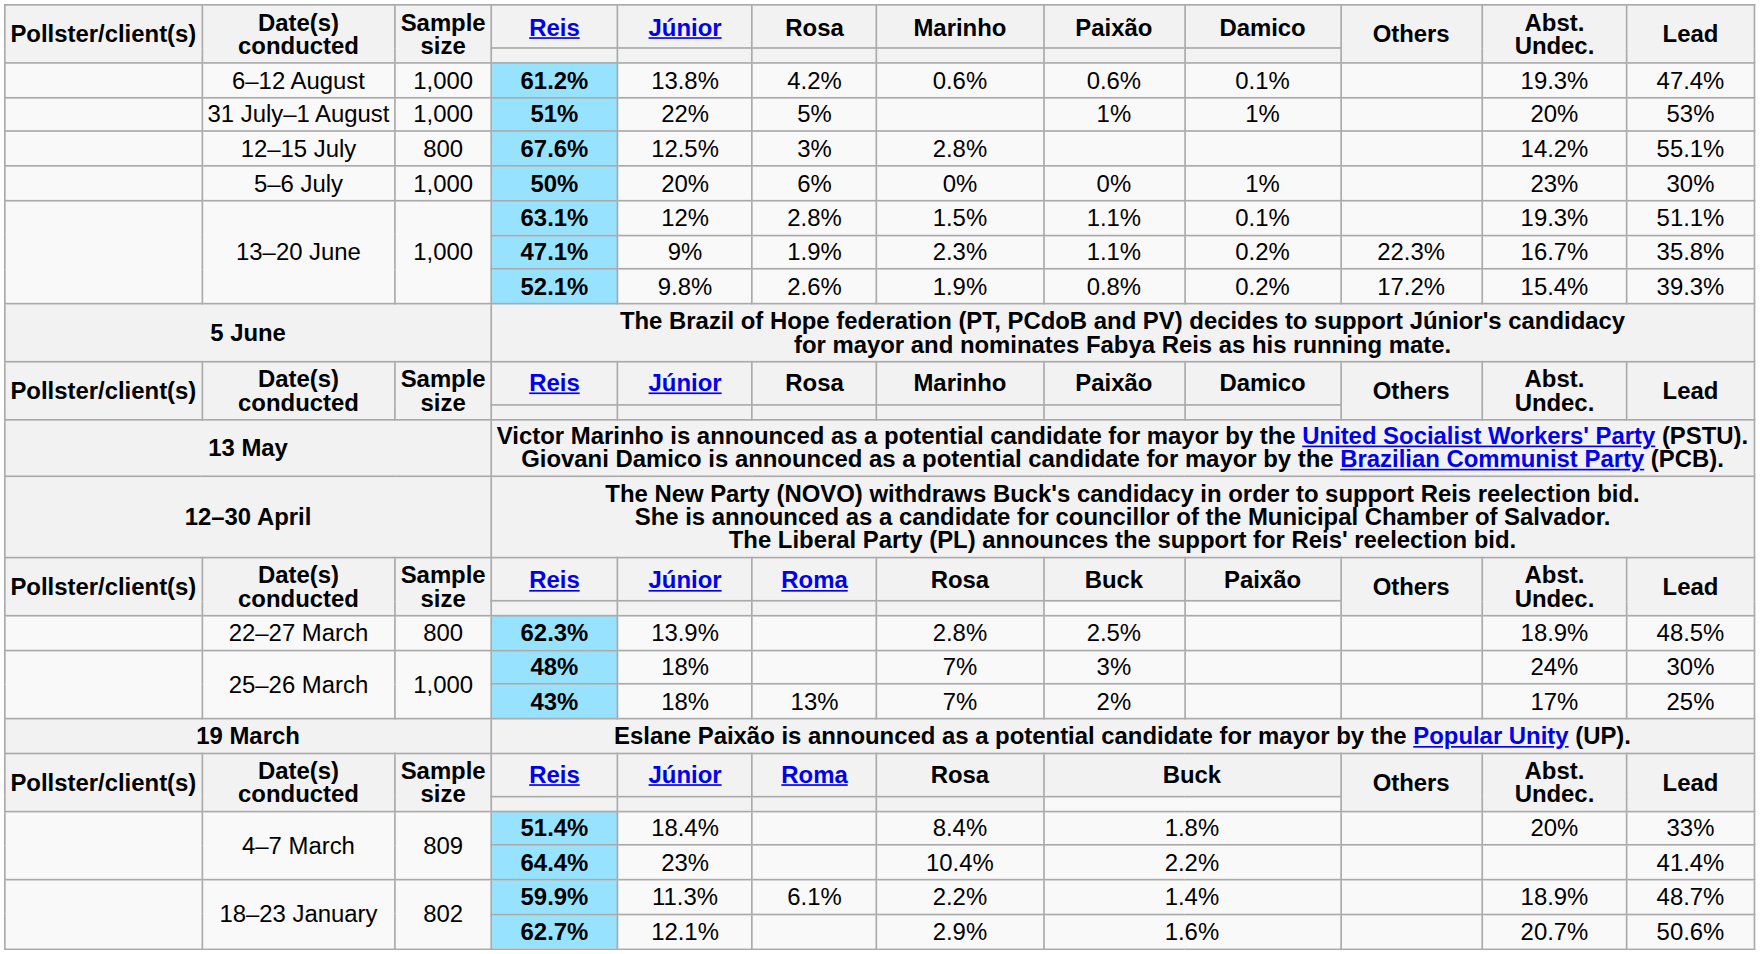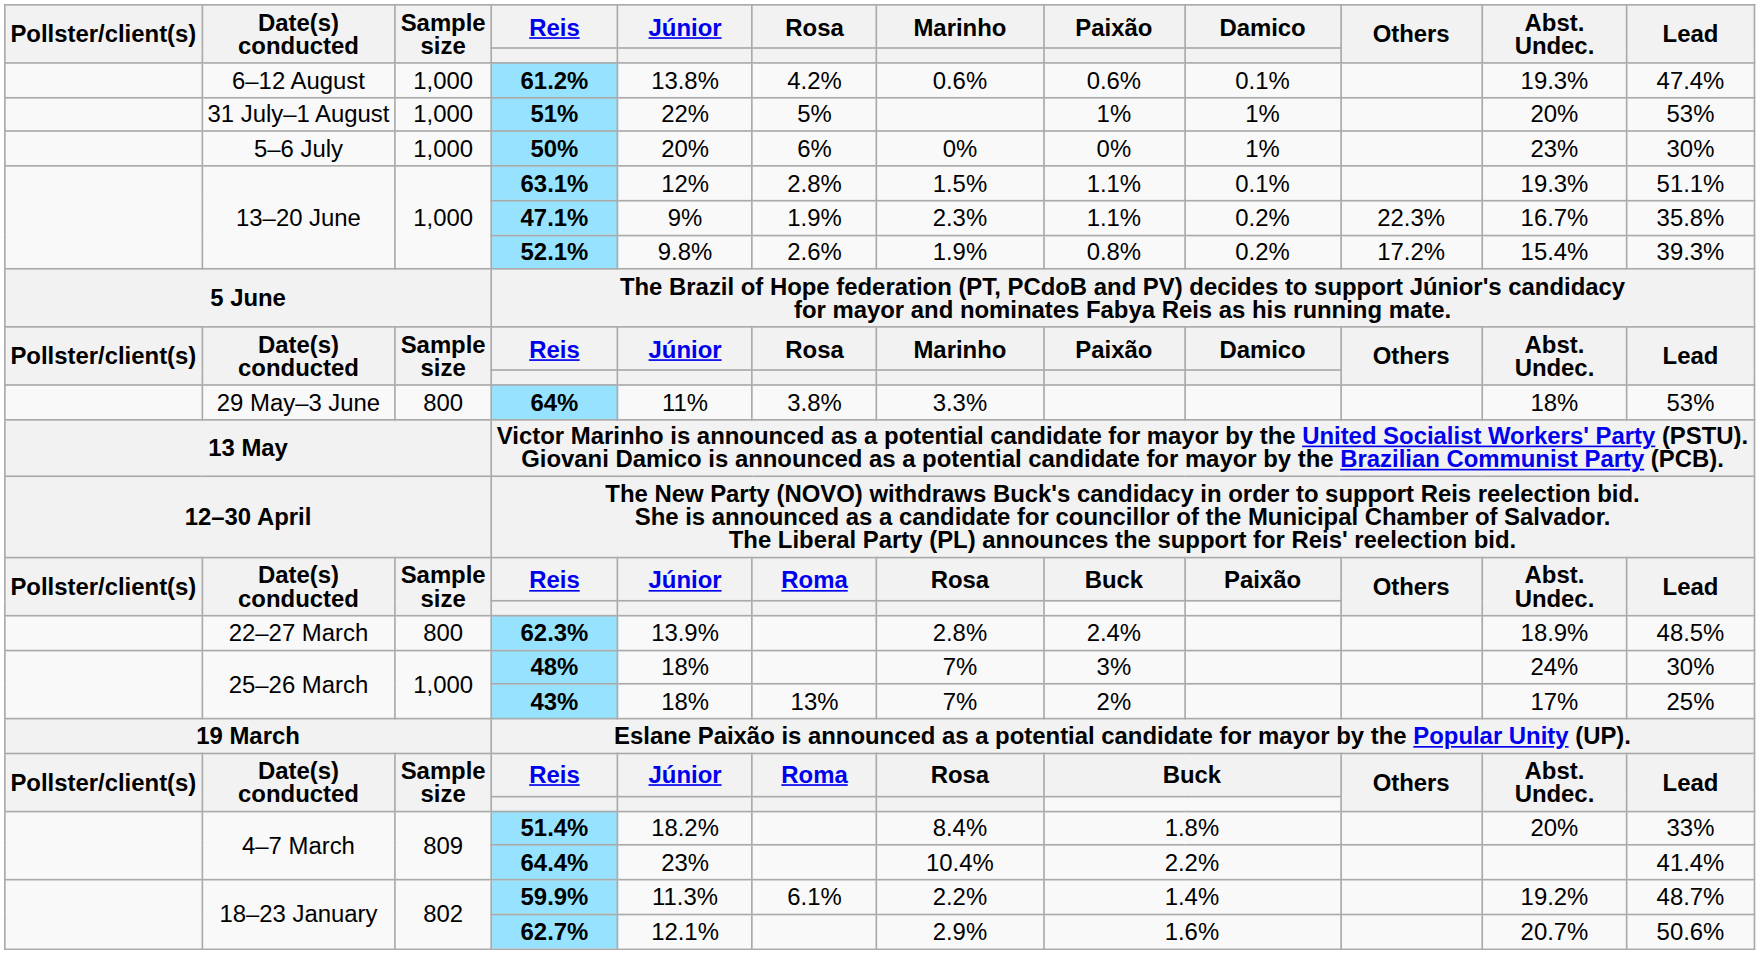 <table class="wikitable" style="text-align:center;font-size:90%;line-height:14px;">
 <tr>
 <th rowspan="2">Pollster/client(s)</th>
 <th rowspan="2">Date(s) <br>conducted</th>
 <th rowspan="2">Sample <br>size</th>
 <th><a href='#'>Reis</a><br></th>
 <th><a href='#'>Júnior</a><br></th>
 <th>Rosa<br></th>
 <th>Marinho<br></th>
 <th>Paixão<br></th>
 <th>Damico<br></th>
 <th rowspan="2">Others</th>
 <th rowspan="2">Abst.<br>Undec.</th>
 <th rowspan="2">Lead</th>
 </tr>
 <tr>
 <th data-sort-type="number" class="sortable" style="background:"></th>
 <th data-sort-type="number" class="sortable" style="background:"></th>
 <th data-sort-type="number" class="sortable" style="background:"></th>
 <th data-sort-type="number" class="sortable" style="background:"></th>
 <th data-sort-type="number" class="sortable" style="background:"></th>
 <th data-sort-type="number" class="sortable" style="background:"></th>
 </tr>
 <tr>
 <td></td>
 <td>6–12 August</td>
 <td>1,000</td>
 <td style="background:#97e3ff;"><strong>61.2%</strong></td>
 <td>13.8%</td>
 <td>4.2%</td>
 <td>0.6%</td>
 <td>0.6%</td>
 <td>0.1%</td>
 <td></td>
 <td>19.3%</td>
 <td style="background:">47.4%</td>
 </tr>
 <tr>
 <td></td>
 <td>31 July–1 August</td>
 <td>1,000</td>
 <td style="background:#97e3ff;"><strong>51%</strong></td>
 <td>22%</td>
 <td>5%</td>
 <td></td>
 <td>1%</td>
 <td>1%</td>
 <td></td>
 <td>20%</td>
 <td style="background:">53%</td>
-</tr>
-<tr>
-<td></td>
-<td>12–15 July</td>
-<td>800</td>
-<td style="background:#97e3ff;"><strong>67.6%</strong></td>
-<td>12.5%</td>
-<td>3%</td>
-<td>2.8%</td>
-<td></td>
-<td></td>
-<td></td>
-<td>14.2%</td>
-<td style="background:">55.1%</td>
 </tr>
 <tr>
 <td></td>
 <td>5–6 July</td>
 <td>1,000</td>
 <td style="background:#97e3ff;"><strong>50%</strong></td>
 <td>20%</td>
 <td>6%</td>
 <td>0%</td>
 <td>0%</td>
 <td>1%</td>
 <td></td>
 <td>23%</td>
 <td style="background:">30%</td>
 </tr>
 <tr>
 <td rowspan="3"></td>
 <td rowspan="3">13–20 June</td>
 <td rowspan="3">1,000</td>
 <td style="background:#97e3ff;"><strong>63.1%</strong></td>
 <td>12%</td>
 <td>2.8%</td>
 <td>1.5%</td>
 <td>1.1%</td>
 <td>0.1%</td>
 <td></td>
 <td>19.3%</td>
 <td style="background:">51.1%</td>
 </tr>
 <tr>
 <td style="background:#97e3ff;"><strong>47.1%</strong></td>
 <td>9%</td>
 <td>1.9%</td>
 <td>2.3%</td>
 <td>1.1%</td>
 <td>0.2%</td>
 <td>22.3%</td>
 <td>16.7%</td>
 <td style="background:">35.8%</td>
 </tr>
 <tr>
 <td style="background:#97e3ff;"><strong>52.1%</strong></td>
 <td>9.8%</td>
 <td>2.6%</td>
 <td>1.9%</td>
 <td>0.8%</td>
 <td>0.2%</td>
 <td>17.2%</td>
 <td>15.4%</td>
 <td style="background:">39.3%</td>
 </tr>
 <tr>
 <th colspan="3">5 June</th>
 <th colspan="9">The Brazil of Hope federation (PT, PCdoB and PV) decides to support Júnior's candidacy<br>for mayor and nominates Fabya Reis as his running mate.</th>
 </tr>
 <tr>
 <th rowspan="2">Pollster/client(s)</th>
 <th rowspan="2">Date(s) <br>conducted</th>
 <th rowspan="2">Sample <br>size</th>
 <th><a href='#'>Reis</a><br></th>
 <th><a href='#'>Júnior</a><br></th>
 <th>Rosa<br></th>
 <th>Marinho<br></th>
 <th>Paixão<br></th>
 <th>Damico<br></th>
 <th rowspan="2">Others</th>
 <th rowspan="2">Abst.<br>Undec.</th>
 <th rowspan="2">Lead</th>
 </tr>
 <tr>
 <th data-sort-type="number" class="sortable" style="background:"></th>
 <th data-sort-type="number" class="sortable" style="background:"></th>
 <th data-sort-type="number" class="sortable" style="background:"></th>
 <th data-sort-type="number" class="sortable" style="background:"></th>
 <th data-sort-type="number" class="sortable" style="background:"></th>
 <th data-sort-type="number" class="sortable" style="background:"></th>
 </tr>
 <tr>
+<td></td>
+<td>29 May–3 June</td>
+<td>800</td>
+<td style="background:#97e3ff;"><strong>64%</strong></td>
+<td>11%</td>
+<td>3.8%</td>
+<td>3.3%</td>
+<td></td>
+<td></td>
+<td></td>
+<td>18%</td>
+<td style="background:">53%</td>
+</tr>
+<tr>
 <th colspan="3">13 May</th>
 <th colspan="9">Victor Marinho is announced as a potential candidate for mayor by the <a href='#'>United Socialist Workers' Party</a> (PSTU).<br>Giovani Damico is announced as a potential candidate for mayor by the <a href='#'>Brazilian Communist Party</a> (PCB).</th>
 </tr>
 <tr>
 <th colspan="3">12–30 April</th>
 <th colspan="9">The New Party (NOVO) withdraws Buck's candidacy in order to support Reis reelection bid.<br>She is announced as a candidate for councillor of the Municipal Chamber of Salvador.<br>The Liberal Party (PL) announces the support for Reis' reelection bid.</th>
 </tr>
 <tr>
 <th rowspan="2">Pollster/client(s)</th>
 <th rowspan="2">Date(s) <br>conducted</th>
 <th rowspan="2">Sample <br>size</th>
 <th><a href='#'>Reis</a><br></th>
 <th><a href='#'>Júnior</a><br></th>
 <th><a href='#'>Roma</a><br></th>
 <th>Rosa<br></th>
 <th>Buck<br></th>
 <th>Paixão<br></th>
 <th rowspan="2">Others</th>
 <th rowspan="2">Abst.<br>Undec.</th>
 <th rowspan="2">Lead</th>
 </tr>
 <tr>
 <th data-sort-type="number" class="sortable" style="background:"></th>
 <th data-sort-type="number" class="sortable" style="background:"></th>
 <th data-sort-type="number" class="sortable" style="background:"></th>
 <th data-sort-type="number" class="sortable" style="background:"></th>
 <td data-sort-type="number" class="sortable" style="background:"></td>
 <td data-sort-type="number" class="sortable" style="background:"></td>
 </tr>
 <tr>
 <td></td>
 <td>22–27 March</td>
 <td>800</td>
 <td style="background:#97e3ff;"><strong>62.3%</strong></td>
 <td>13.9%</td>
 <td></td>
 <td>2.8%</td>
-<td>2.5%</td>
+<td>2.4%</td>
 <td></td>
 <td></td>
 <td>18.9%</td>
 <td style="background:">48.5%</td>
 </tr>
 <tr>
 <td rowspan="2"></td>
 <td rowspan="2">25–26 March</td>
 <td rowspan="2">1,000</td>
 <td style="background:#97e3ff;"><strong>48%</strong></td>
 <td>18%</td>
 <td></td>
 <td>7%</td>
 <td>3%</td>
 <td></td>
 <td></td>
 <td>24%</td>
 <td style="background:">30%</td>
 </tr>
 <tr>
 <td style="background:#97e3ff;"><strong>43%</strong></td>
 <td>18%</td>
 <td>13%</td>
 <td>7%</td>
 <td>2%</td>
 <td></td>
 <td></td>
 <td>17%</td>
 <td style="background:">25%</td>
 </tr>
 <tr>
 <th colspan="3">19 March</th>
 <th colspan="9">Eslane Paixão is announced as a potential candidate for mayor by the <a href='#'>Popular Unity</a> (UP).</th>
 </tr>
 <tr>
 <th rowspan="2">Pollster/client(s)</th>
 <th rowspan="2">Date(s) <br>conducted</th>
 <th rowspan="2">Sample <br>size</th>
 <th><a href='#'>Reis</a><br></th>
 <th><a href='#'>Júnior</a><br></th>
 <th><a href='#'>Roma</a><br></th>
 <th>Rosa<br></th>
 <th colspan="2">Buck<br></th>
 <th rowspan="2">Others</th>
 <th rowspan="2">Abst.<br>Undec.</th>
 <th rowspan="2">Lead</th>
 </tr>
 <tr>
 <th data-sort-type="number" class="sortable" style="background:"></th>
 <th data-sort-type="number" class="sortable" style="background:"></th>
 <th data-sort-type="number" class="sortable" style="background:"></th>
 <th data-sort-type="number" class="sortable" style="background:"></th>
 <td colspan="2" data-sort-type="number" class="sortable" style="background:"></td>
 </tr>
 <tr>
 <td rowspan="2"></td>
 <td rowspan="2">4–7 March</td>
 <td rowspan="2">809</td>
 <td style="background:#97e3ff;"><strong>51.4%</strong></td>
-<td>18.4%</td>
+<td>18.2%</td>
 <td></td>
 <td>8.4%</td>
 <td colspan="2">1.8%</td>
 <td></td>
 <td>20%</td>
 <td style="background:">33%</td>
 </tr>
 <tr>
 <td style="background:#97e3ff;"><strong>64.4%</strong></td>
 <td>23%</td>
 <td></td>
 <td>10.4%</td>
 <td colspan="2">2.2%</td>
 <td></td>
 <td></td>
 <td style="background:">41.4%</td>
 </tr>
 <tr>
 <td rowspan="2"></td>
 <td rowspan="2">18–23 January</td>
 <td rowspan="2">802</td>
 <td style="background:#97e3ff;"><strong>59.9%</strong></td>
 <td>11.3%</td>
 <td>6.1%</td>
 <td>2.2%</td>
 <td colspan="2">1.4%</td>
 <td></td>
-<td>18.9%</td>
+<td>19.2%</td>
 <td style="background:">48.7%</td>
 </tr>
 <tr>
 <td style="background:#97e3ff;"><strong>62.7%</strong></td>
 <td>12.1%</td>
 <td></td>
 <td>2.9%</td>
 <td colspan="2">1.6%</td>
 <td></td>
 <td>20.7%</td>
 <td style="background:">50.6%</td>
 </tr>
 </table>
